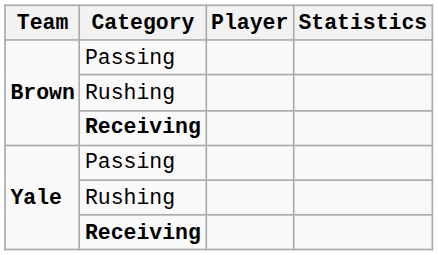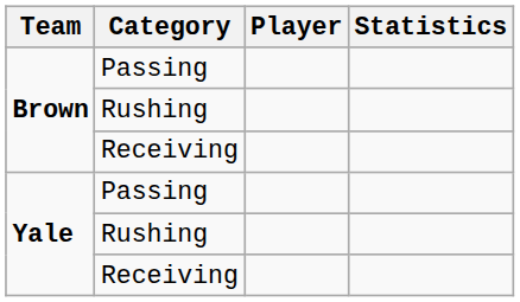 <table class="wikitable" style="float: right;">
 <tr>
 <th>Team</th>
 <th>Category</th>
 <th>Player</th>
 <th>Statistics</th>
 </tr>
 <tr>
 <td rowspan=3><strong>Brown</strong></td>
 <td>Passing</td>
 <td></td>
 <td></td>
 </tr>
 <tr>
 <td>Rushing</td>
 <td></td>
 <td></td>
 </tr>
 <tr>
-<td><strong>Receiving</strong></td>
+<td>Receiving</td>
 <td></td>
 <td></td>
 </tr>
 <tr>
 <td rowspan=3><strong>Yale</strong></td>
 <td>Passing</td>
 <td></td>
 <td></td>
 </tr>
 <tr>
 <td>Rushing</td>
 <td></td>
 <td></td>
 </tr>
 <tr>
-<td><strong>Receiving</strong></td>
+<td>Receiving</td>
 <td></td>
 <td></td>
 </tr>
 </table>
